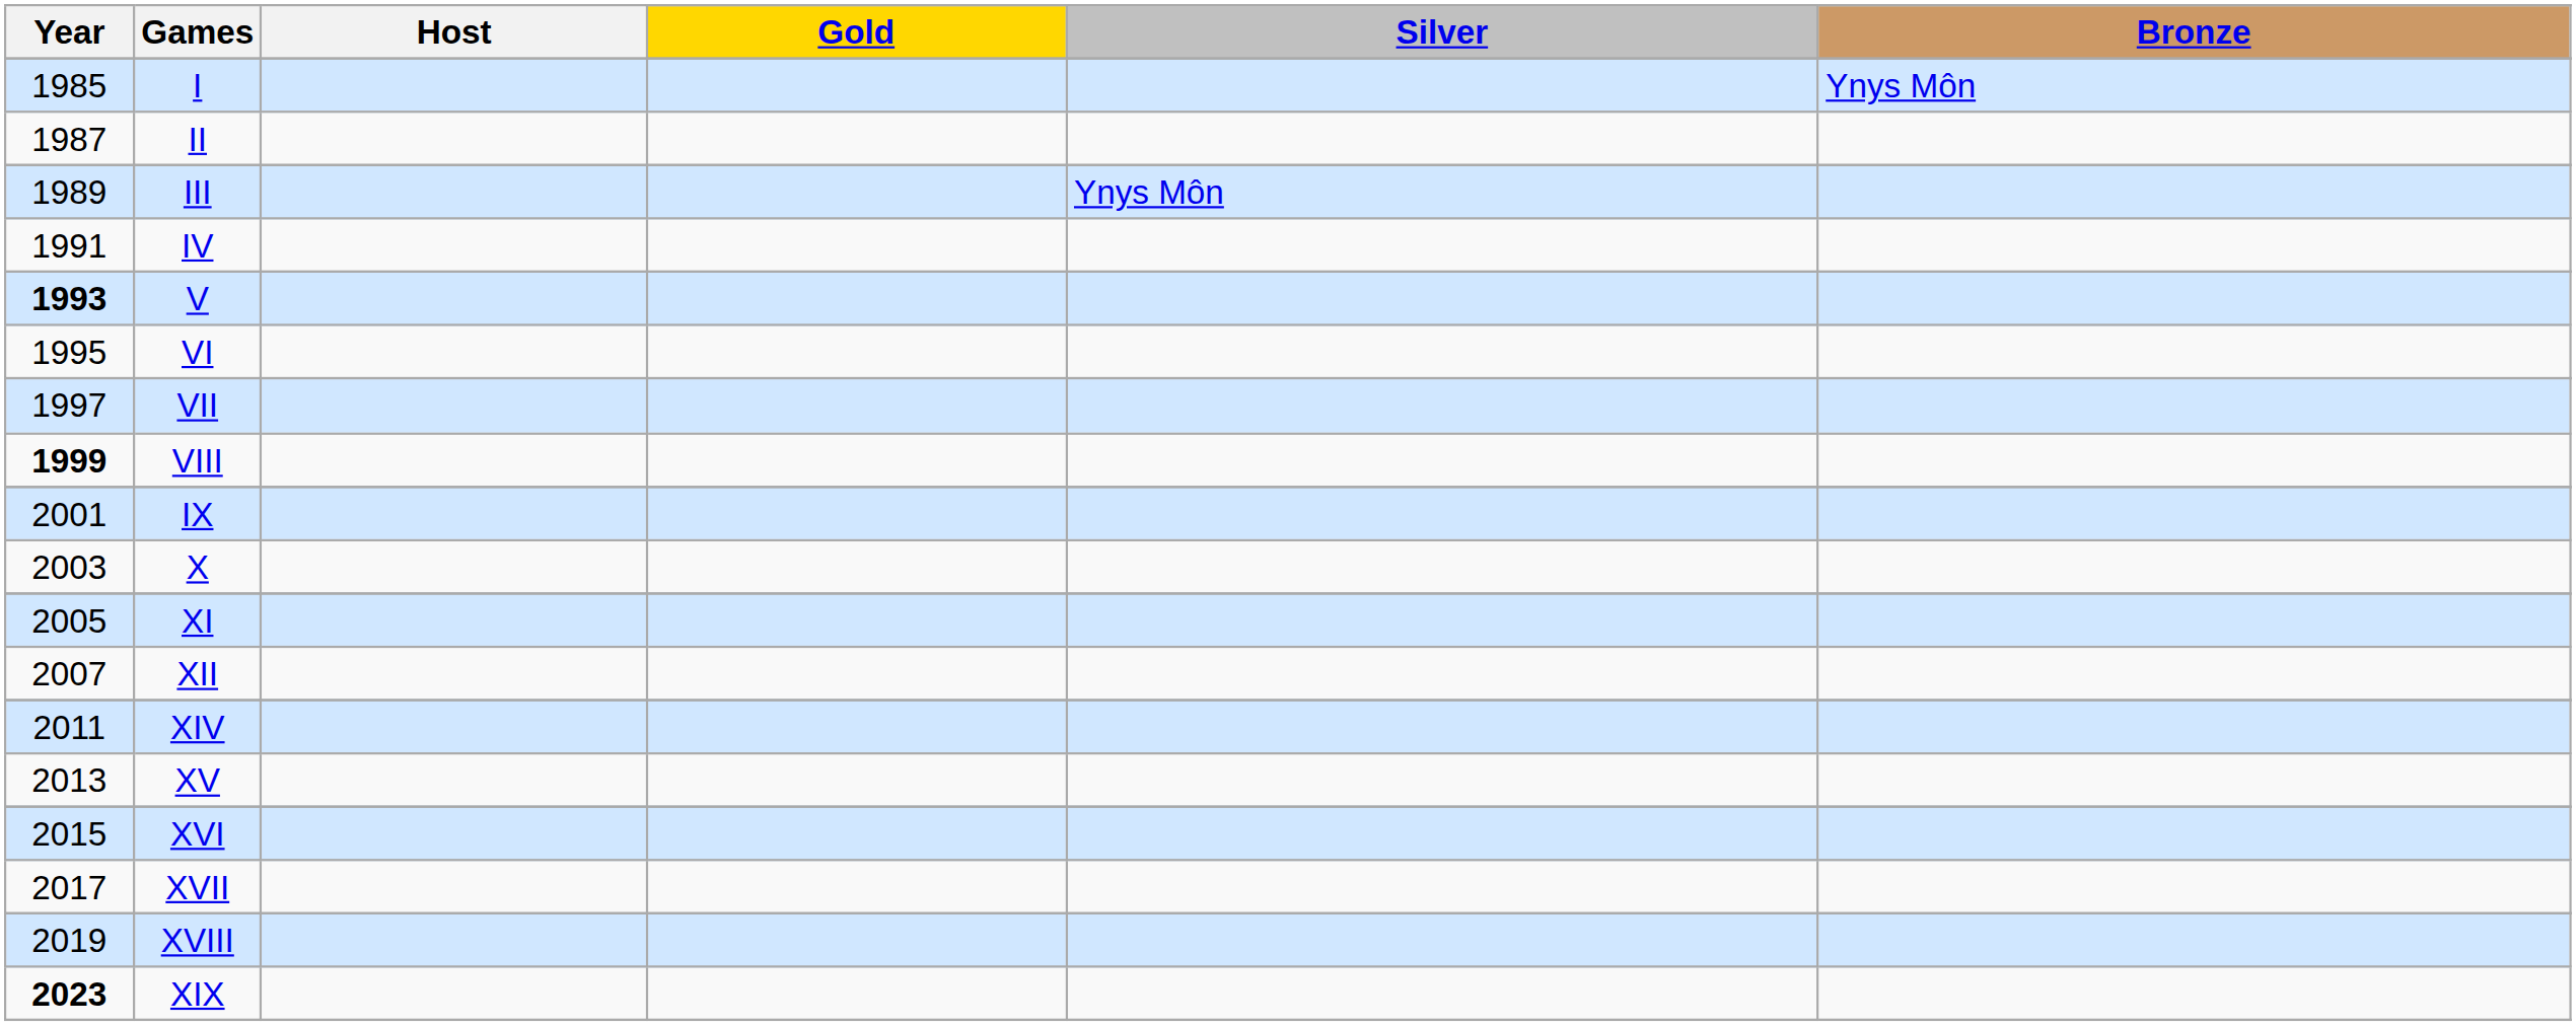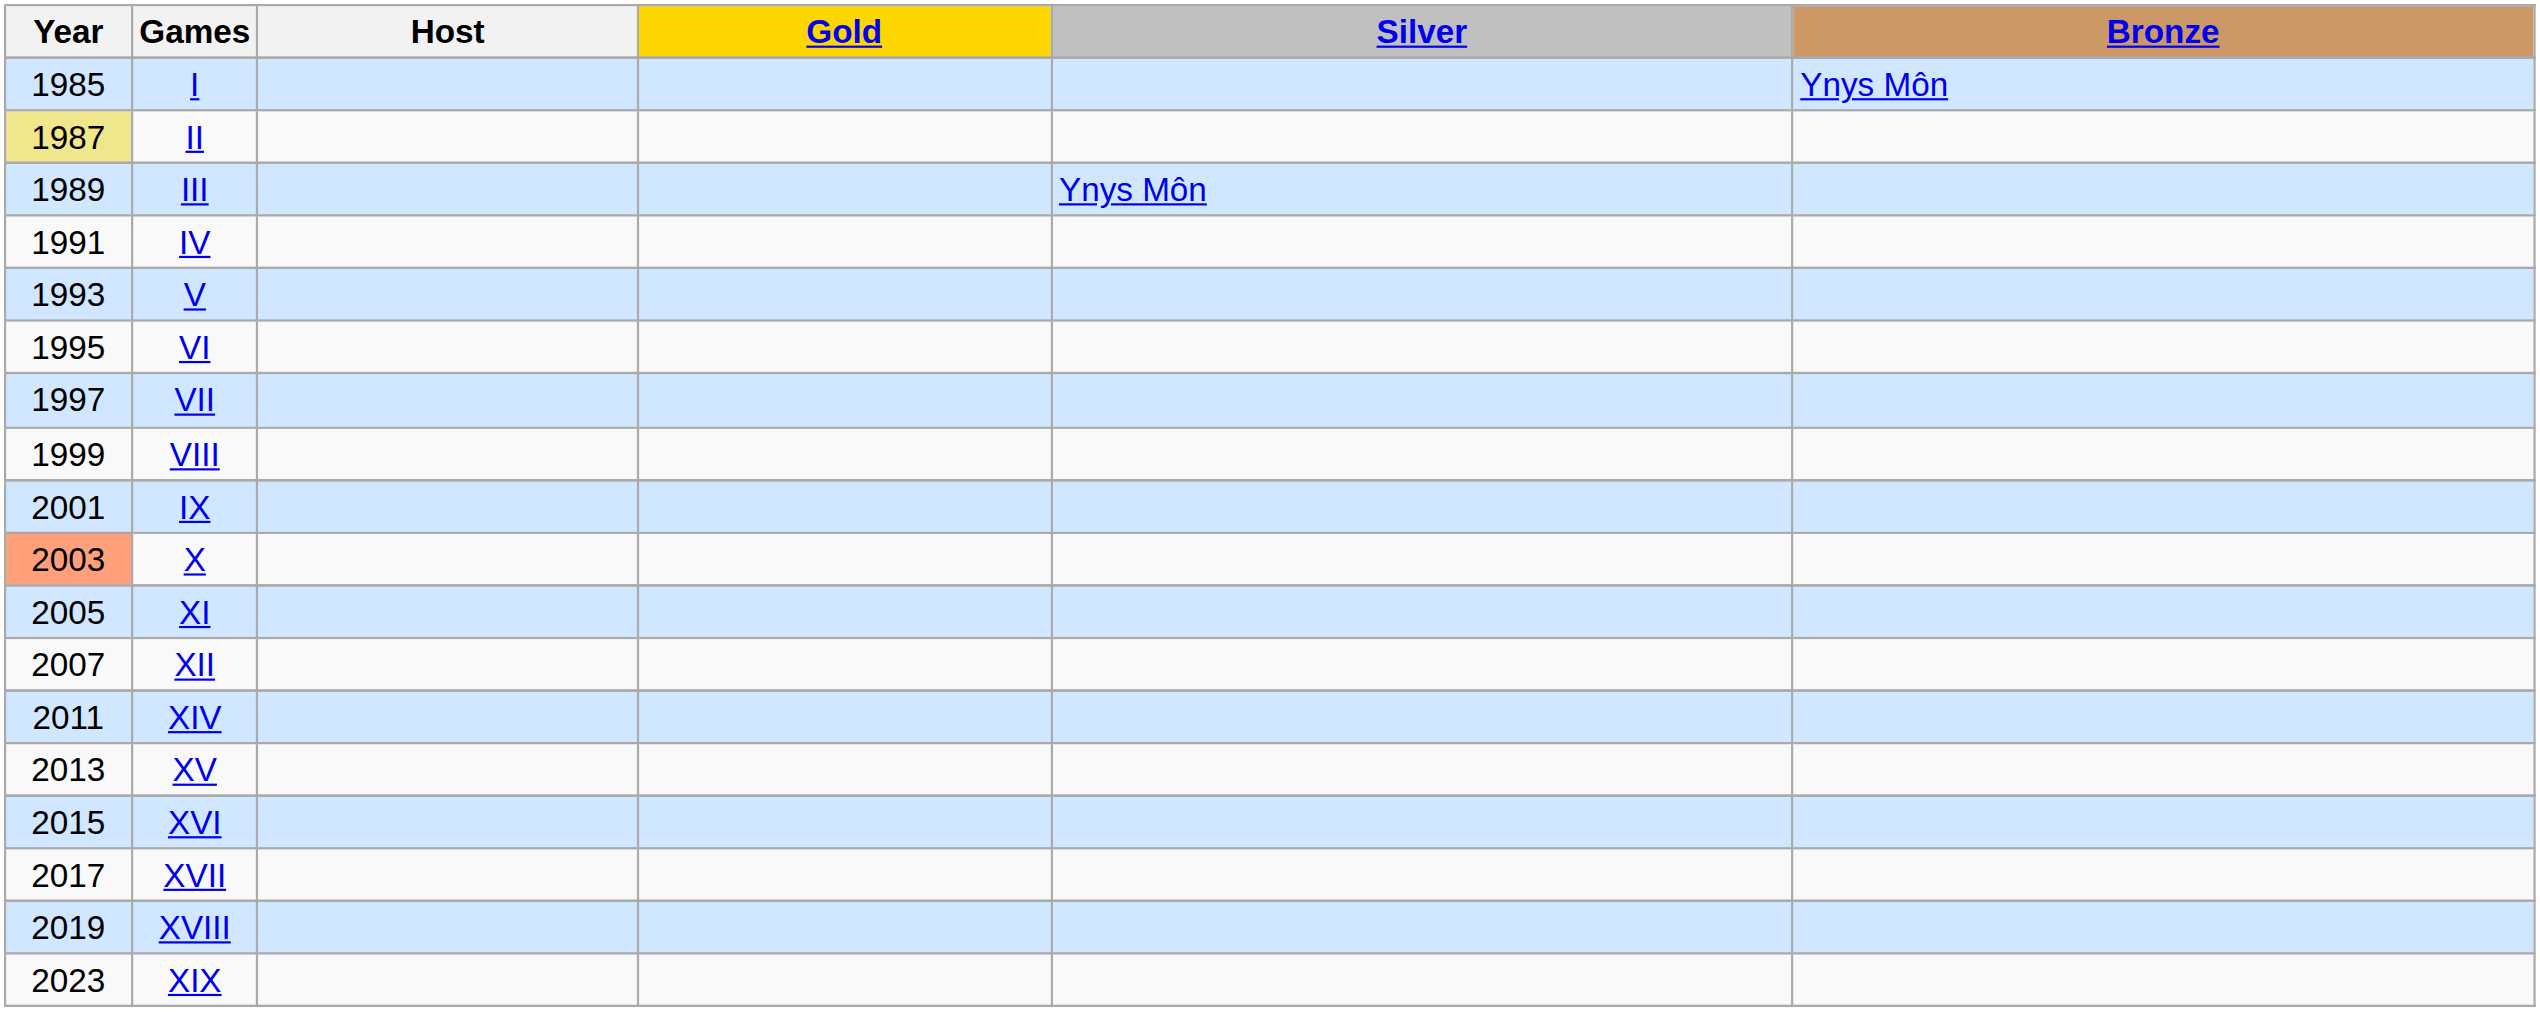 <table class="wikitable" style="text-align: center; font-size:95%;">
 <tr>
 <th rowspan="2" style="width:5%;">Year</th>
 <th rowspan="2" style="width:5%;">Games</th>
 <th rowspan="2" style="width:15%;">Host</th>
 </tr>
 <tr>
 <th style="background-color: gold"><a href='#'>Gold</a></th>
 <th style="background-color: silver"><a href='#'>Silver</a></th>
 <th style="background-color: #CC9966"><a href='#'>Bronze</a></th>
 </tr>
 <tr>
 </tr>
 <tr>
 </tr>
 <tr style="text-align:center; background:#d0e7ff;">
 <td>1985</td>
 <td align=center><a href='#'>I</a></td>
 <td align="left"></td>
 <td align="left"></td>
 <td align="left"></td>
 <td align= "left"> <a href='#'>Ynys Môn</a></td>
 </tr>
 <tr>
-<td>1987</td>
+<td style="background: khaki;">1987</td>
 <td align=center><a href='#'>II</a></td>
 <td align="left"></td>
 <td align="left"></td>
 <td align="left"></td>
 <td align="left"></td>
 </tr>
 <tr>
 </tr>
 <tr style="text-align:center; background:#d0e7ff;">
 <td>1989</td>
 <td align=center><a href='#'>III</a></td>
 <td align= "left"></td>
 <td align= "left"></td>
 <td align= "left"> <a href='#'>Ynys Môn</a></td>
 <td align= "left"></td>
 </tr>
 <tr>
 <td>1991</td>
 <td align=center><a href='#'>IV</a></td>
 <td align="left"></td>
 <td align="left"></td>
 <td align="left"></td>
 <td align="left"></td>
 </tr>
 <tr>
 </tr>
 <tr style="text-align:center; background:#d0e7ff;">
-<td><strong>1993</strong></td>
+<td>1993</td>
 <td align=center><a href='#'>V</a></td>
 <td align="left"></td>
 <td align="left"></td>
 <td align="left"></td>
 <td align="left"></td>
 </tr>
 <tr>
 <td>1995</td>
 <td align=center><a href='#'>VI</a></td>
 <td align="left"></td>
 <td align="left"></td>
 <td align="left"></td>
 <td align="left"></td>
 </tr>
 <tr>
 </tr>
 <tr style="text-align:center; background:#d0e7ff;">
 <td>1997</td>
 <td align=center><a href='#'>VII</a></td>
 <td align="left"></td>
 <td align="left"></td>
 <td align="left"></td>
 <td align="left"></td>
 </tr>
 <tr>
-<td><strong>1999</strong></td>
+<td>1999</td>
 <td align=center><a href='#'>VIII</a></td>
 <td align="left"></td>
 <td align="left"></td>
 <td align="left"></td>
 <td align="left"></td>
 </tr>
 <tr>
 </tr>
 <tr style="text-align:center; background:#d0e7ff;">
 <td>2001</td>
 <td align=center><a href='#'>IX</a></td>
 <td align="left"></td>
 <td align="left"></td>
 <td align="left"></td>
 <td align="left"></td>
 </tr>
 <tr>
-<td>2003</td>
+<td style="background: lightsalmon;">2003</td>
 <td align=center><a href='#'>X</a></td>
 <td align="left"></td>
 <td align="left"></td>
 <td align="left"></td>
 <td align="left"></td>
 </tr>
 <tr>
 </tr>
 <tr style="text-align:center; background:#d0e7ff;">
 <td>2005</td>
 <td align=center><a href='#'>XI</a></td>
 <td align="left"></td>
 <td align="left"></td>
 <td align="left"></td>
 <td align="left"></td>
 </tr>
 <tr>
 <td>2007</td>
 <td align=center><a href='#'>XII</a></td>
 <td align="left"></td>
 <td align="left"></td>
 <td align="left"></td>
 <td align="left"></td>
 </tr>
 <tr>
 </tr>
 <tr style="text-align:center; background:#d0e7ff;">
 <td>2011</td>
 <td align=center><a href='#'>XIV</a></td>
 <td align="left"></td>
 <td align="left"></td>
 <td align="left"></td>
 <td align="left"></td>
 </tr>
 <tr>
 <td>2013</td>
 <td align=center><a href='#'>XV</a></td>
 <td align="left"></td>
 <td align="left"></td>
 <td align="left"></td>
 <td align="left"></td>
 </tr>
 <tr>
 </tr>
 <tr style="text-align:center; background:#d0e7ff;">
 <td>2015</td>
 <td align=center><a href='#'>XVI</a></td>
 <td align="left"></td>
 <td align="left"></td>
 <td align="left"></td>
 <td align="left"></td>
 </tr>
 <tr>
 <td>2017</td>
 <td align=center><a href='#'>XVII</a></td>
 <td align="left"></td>
 <td align="left"></td>
 <td align="left"></td>
 <td align="left"></td>
 </tr>
 <tr>
 </tr>
 <tr style="text-align:center; background:#d0e7ff;">
 <td>2019</td>
 <td align=center><a href='#'>XVIII</a></td>
 <td align="left"></td>
 <td align="left"></td>
 <td align="left"></td>
 <td align="left"></td>
 </tr>
 <tr>
-<td><strong>2023</strong></td>
+<td>2023</td>
 <td align=center><a href='#'>XIX</a></td>
 <td align="left"></td>
 <td align="left"></td>
 <td align="left"></td>
 <td align="left"></td>
 </tr>
 <tr>
 </tr>
 </table>
